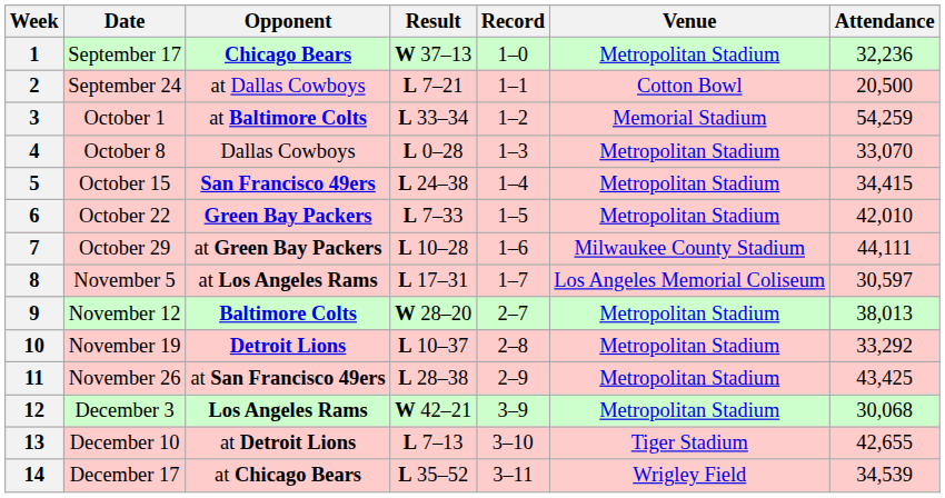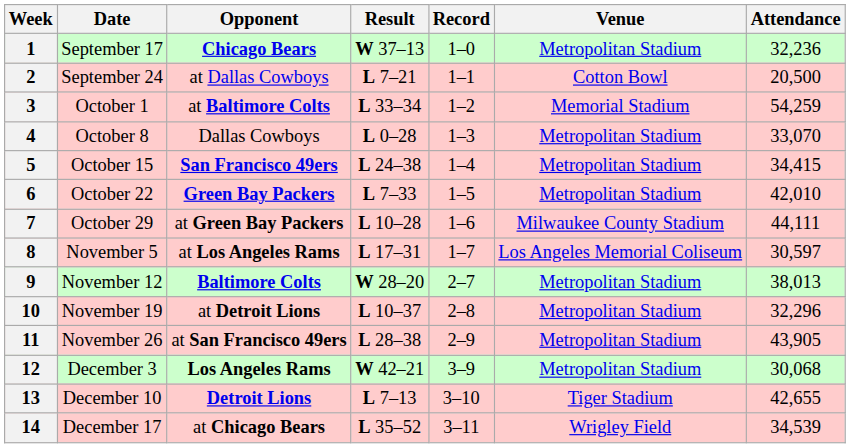 <table class="wikitable" style="text-align:center">
 <tr>
 <th>Week</th>
 <th>Date</th>
 <th>Opponent</th>
 <th>Result</th>
 <th>Record</th>
 <th>Venue</th>
 <th>Attendance</th>
 </tr>
 <tr style="background:#cfc">
 <th>1</th>
 <td>September 17</td>
 <td><strong><a href='#'>Chicago Bears</a></strong></td>
 <td><strong>W</strong> 37–13</td>
 <td>1–0</td>
 <td><a href='#'>Metropolitan Stadium</a></td>
 <td>32,236</td>
 </tr>
 <tr style="background:#fcc">
 <th>2</th>
 <td>September 24</td>
 <td>at <a href='#'>Dallas Cowboys</a></td>
 <td><strong>L</strong> 7–21</td>
 <td>1–1</td>
 <td><a href='#'>Cotton Bowl</a></td>
 <td>20,500</td>
 </tr>
 <tr style="background:#fcc">
 <th>3</th>
 <td>October 1</td>
 <td>at <strong><a href='#'>Baltimore Colts</a></strong></td>
 <td><strong>L</strong> 33–34</td>
 <td>1–2</td>
 <td><a href='#'>Memorial Stadium</a></td>
 <td>54,259</td>
 </tr>
 <tr style="background:#fcc">
 <th>4</th>
 <td>October 8</td>
 <td>Dallas Cowboys</td>
 <td><strong>L</strong> 0–28</td>
 <td>1–3</td>
 <td><a href='#'>Metropolitan Stadium</a></td>
 <td>33,070</td>
 </tr>
 <tr style="background:#fcc">
 <th>5</th>
 <td>October 15</td>
 <td><strong><a href='#'>San Francisco 49ers</a></strong></td>
 <td><strong>L</strong> 24–38</td>
 <td>1–4</td>
 <td><a href='#'>Metropolitan Stadium</a></td>
 <td>34,415</td>
 </tr>
 <tr style="background:#fcc">
 <th>6</th>
 <td>October 22</td>
 <td><strong><a href='#'>Green Bay Packers</a></strong></td>
 <td><strong>L</strong> 7–33</td>
 <td>1–5</td>
 <td><a href='#'>Metropolitan Stadium</a></td>
 <td>42,010</td>
 </tr>
 <tr style="background:#fcc">
 <th>7</th>
 <td>October 29</td>
 <td>at <strong>Green Bay Packers</strong></td>
 <td><strong>L</strong> 10–28</td>
 <td>1–6</td>
 <td><a href='#'>Milwaukee County Stadium</a></td>
 <td>44,111</td>
 </tr>
 <tr style="background:#fcc">
 <th>8</th>
 <td>November 5</td>
 <td>at <strong>Los Angeles Rams</strong></td>
 <td><strong>L</strong> 17–31</td>
 <td>1–7</td>
 <td><a href='#'>Los Angeles Memorial Coliseum</a></td>
 <td>30,597</td>
 </tr>
 <tr style="background:#cfc">
 <th>9</th>
 <td>November 12</td>
 <td><strong><a href='#'>Baltimore Colts</a></strong></td>
 <td><strong>W</strong> 28–20</td>
 <td>2–7</td>
 <td><a href='#'>Metropolitan Stadium</a></td>
 <td>38,013</td>
 </tr>
 <tr style="background:#fcc">
 <th>10</th>
 <td>November 19</td>
-<td><strong><a href='#'>Detroit Lions</a></strong></td>
+<td>at <strong>Detroit Lions</strong></td>
 <td><strong>L</strong> 10–37</td>
 <td>2–8</td>
 <td><a href='#'>Metropolitan Stadium</a></td>
-<td>33,292</td>
+<td>32,296</td>
 </tr>
 <tr style="background:#fcc">
 <th>11</th>
 <td>November 26</td>
 <td>at <strong>San Francisco 49ers</strong></td>
 <td><strong>L</strong> 28–38</td>
 <td>2–9</td>
 <td><a href='#'>Metropolitan Stadium</a></td>
-<td>43,425</td>
+<td>43,905</td>
 </tr>
 <tr style="background:#cfc">
 <th>12</th>
 <td>December 3</td>
 <td><strong>Los Angeles Rams</strong></td>
 <td><strong>W</strong> 42–21</td>
 <td>3–9</td>
 <td><a href='#'>Metropolitan Stadium</a></td>
 <td>30,068</td>
 </tr>
 <tr style="background:#fcc">
 <th>13</th>
 <td>December 10</td>
-<td>at <strong>Detroit Lions</strong></td>
+<td><strong><a href='#'>Detroit Lions</a></strong></td>
 <td><strong>L</strong> 7–13</td>
 <td>3–10</td>
 <td><a href='#'>Tiger Stadium</a></td>
 <td>42,655</td>
 </tr>
 <tr style="background:#fcc">
 <th>14</th>
 <td>December 17</td>
 <td>at <strong>Chicago Bears</strong></td>
 <td><strong>L</strong> 35–52</td>
 <td>3–11</td>
 <td><a href='#'>Wrigley Field</a></td>
 <td>34,539</td>
 </tr>
 </table>
